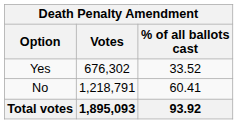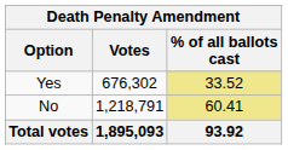 <table class="wikitable">
 <tr>
 <th colspan=4 text align=center>Death Penalty Amendment</th>
 </tr>
 <tr>
 <th>Option</th>
 <th>Votes</th>
 <th>% of all ballots<br>cast</th>
 </tr>
 <tr>
 <td text align=center>Yes</td>
 <td text align=center>676,302</td>
-<td text align=center>33.52</td>
+<td text align=center style="background: khaki;">33.52</td>
 </tr>
 <tr>
 <td text align=center>No</td>
 <td text align=center>1,218,791</td>
-<td text align=center>60.41</td>
+<td text align=center style="background: khaki;">60.41</td>
 </tr>
 <tr>
 <th text align=center>Total votes</th>
 <th text align=center><strong>1,895,093</strong></th>
 <th text align=center><strong>93.92</strong></th>
 </tr>
 </table>
